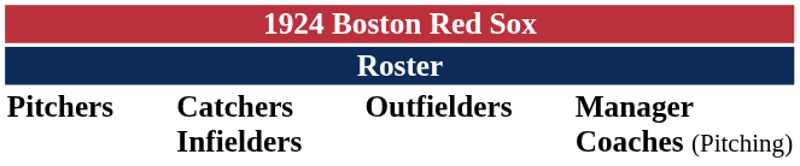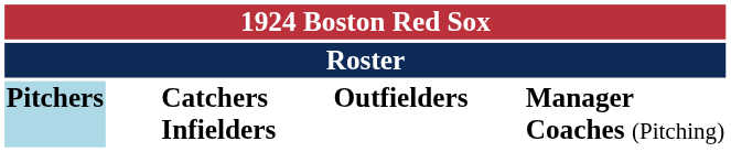 <table class="toccolours" style="text-align: left;">
 <tr>
 <th colspan="10" style="background-color: #ba313c; color: white; text-align: center;">1924 Boston Red Sox</th>
 </tr>
 <tr>
 <td colspan="10" style="background-color: #0d2b56; color: white; text-align: center;"><strong>Roster</strong></td>
 </tr>
 <tr>
-<td valign="top"><strong>Pitchers</strong><br>               </td>
+<td valign="top" style="background: lightblue;"><strong>Pitchers</strong><br>               </td>
 <td width="25px"></td>
 <td valign="top"><strong>Catchers</strong><br>   <strong>Infielders</strong>        </td>
 <td width="25px"></td>
 <td valign="top"><strong>Outfielders</strong><br>     </td>
 <td width="25px"></td>
 <td valign="top"><strong>Manager</strong><br> <strong>Coaches</strong>   <small>(Pitching)</small></td>
 </tr>
 <tr>
 </tr>
 </table>
